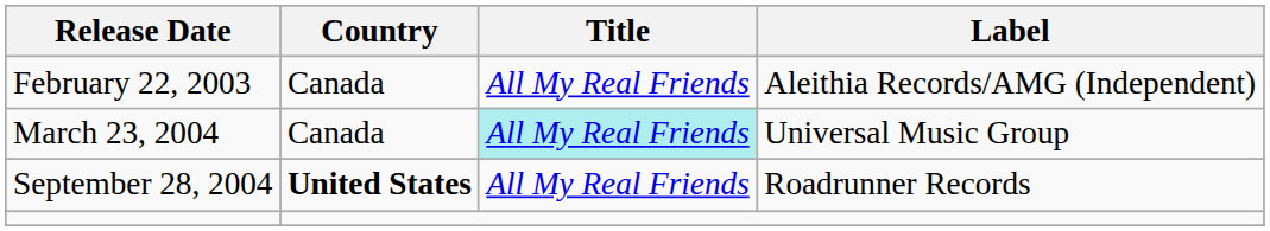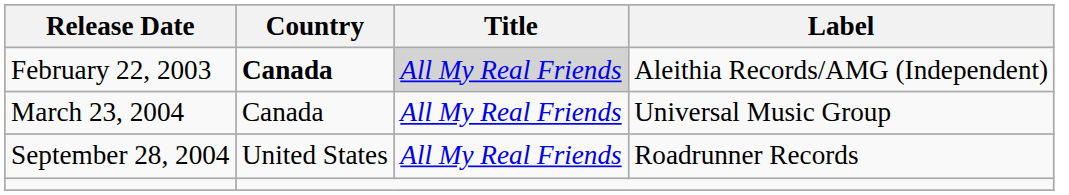 <table class="wikitable">
 <tr>
 <th>Release Date</th>
 <th>Country</th>
 <th>Title</th>
 <th>Label</th>
 </tr>
 <tr>
 <td>February 22, 2003</td>
-<td>Canada</td>
-<td><em><a href='#'>All My Real Friends</a></em></td>
+<td><strong>Canada</strong></td>
+<td style="background: lightgrey;"><em><a href='#'>All My Real Friends</a></em></td>
 <td>Aleithia Records/AMG (Independent)</td>
 </tr>
 <tr>
 <td>March 23, 2004</td>
 <td>Canada</td>
-<td style="background: paleturquoise;"><em><a href='#'>All My Real Friends</a></em></td>
+<td><em><a href='#'>All My Real Friends</a></em></td>
 <td>Universal Music Group</td>
 </tr>
 <tr>
 <td>September 28, 2004</td>
-<td><strong>United States</strong></td>
+<td>United States</td>
 <td><em><a href='#'>All My Real Friends</a></em></td>
 <td>Roadrunner Records</td>
 </tr>
 <tr>
 <td></td>
 </tr>
 </table>
